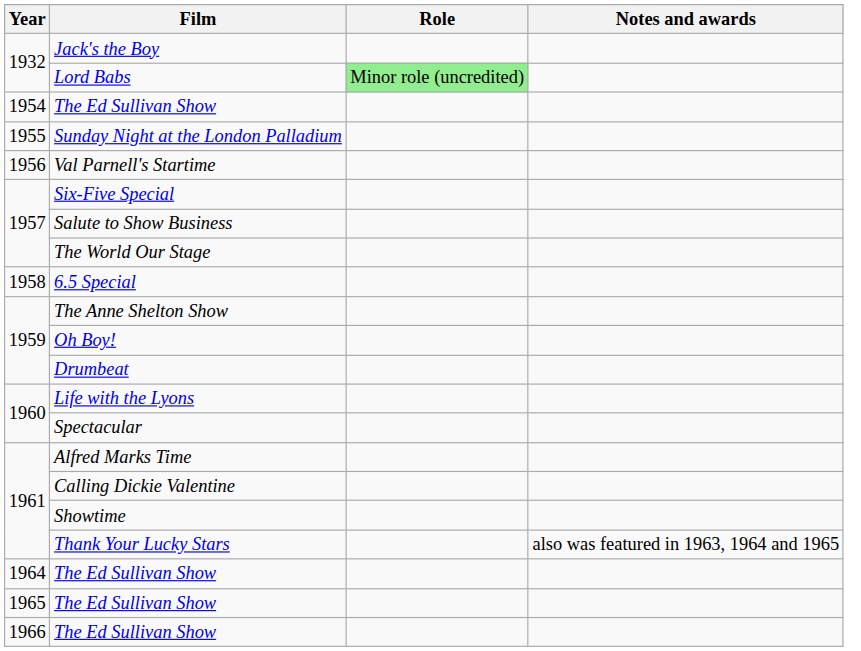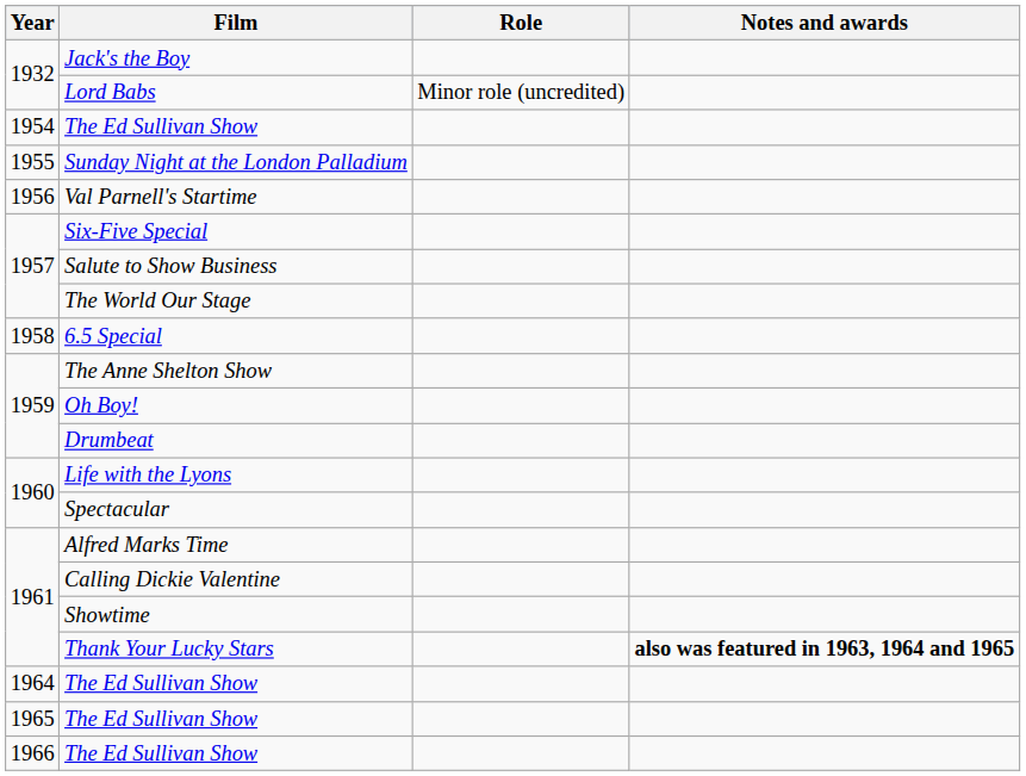 <table class="wikitable">
 <tr style="background:#b0c4de; text-align:center;">
 <th>Year</th>
 <th>Film</th>
 <th>Role</th>
 <th>Notes and awards</th>
 </tr>
 <tr>
 <td rowspan="2">1932</td>
 <td><em><a href='#'>Jack's the Boy</a></em></td>
 <td></td>
 <td></td>
 </tr>
 <tr>
 <td><em><a href='#'>Lord Babs</a></em></td>
-<td style="background: lightgreen;">Minor role (uncredited)</td>
+<td>Minor role (uncredited)</td>
 <td></td>
 </tr>
 <tr>
 <td>1954</td>
 <td><em><a href='#'>The Ed Sullivan Show</a></em></td>
 <td></td>
 <td></td>
 </tr>
 <tr>
 <td>1955</td>
 <td><em><a href='#'>Sunday Night at the London Palladium</a></em></td>
 <td></td>
 <td></td>
 </tr>
 <tr>
 <td>1956</td>
 <td><em>Val Parnell's Startime</em></td>
 <td></td>
 <td></td>
 </tr>
 <tr>
 <td rowspan="3">1957</td>
 <td><em><a href='#'>Six-Five Special</a></em></td>
 <td></td>
 <td></td>
 </tr>
 <tr>
 <td><em>Salute to Show Business</em></td>
 <td></td>
 <td></td>
 </tr>
 <tr>
 <td><em>The World Our Stage</em></td>
 <td></td>
 <td></td>
 </tr>
 <tr>
 <td>1958</td>
 <td><em><a href='#'>6.5 Special</a></em></td>
 <td></td>
 <td></td>
 </tr>
 <tr>
 <td rowspan="3">1959</td>
 <td><em>The Anne Shelton Show</em></td>
 <td></td>
 <td></td>
 </tr>
 <tr>
 <td><em><a href='#'>Oh Boy!</a></em></td>
 <td></td>
 <td></td>
 </tr>
 <tr>
 <td><em><a href='#'>Drumbeat</a></em></td>
 <td></td>
 <td></td>
 </tr>
 <tr>
 <td rowspan="2">1960</td>
 <td><em><a href='#'>Life with the Lyons</a></em></td>
 <td></td>
 <td></td>
 </tr>
 <tr>
 <td><em>Spectacular</em></td>
 <td></td>
 <td></td>
 </tr>
 <tr>
 <td rowspan="4">1961</td>
 <td><em>Alfred Marks Time</em></td>
 <td></td>
 <td></td>
 </tr>
 <tr>
 <td><em>Calling Dickie Valentine</em></td>
 <td></td>
 <td></td>
 </tr>
 <tr>
 <td><em>Showtime</em></td>
 <td></td>
 <td></td>
 </tr>
 <tr>
 <td><em><a href='#'>Thank Your Lucky Stars</a></em></td>
 <td></td>
-<td>also was featured in 1963, 1964 and 1965</td>
+<td><strong>also was featured in 1963, 1964 and 1965</strong></td>
 </tr>
 <tr>
 <td>1964</td>
 <td><em><a href='#'>The Ed Sullivan Show</a></em></td>
 <td></td>
 <td></td>
 </tr>
 <tr>
 <td>1965</td>
 <td><em><a href='#'>The Ed Sullivan Show</a></em></td>
 <td></td>
 <td></td>
 </tr>
 <tr>
 <td>1966</td>
 <td><em><a href='#'>The Ed Sullivan Show</a></em></td>
 <td></td>
 <td></td>
 </tr>
 </table>
